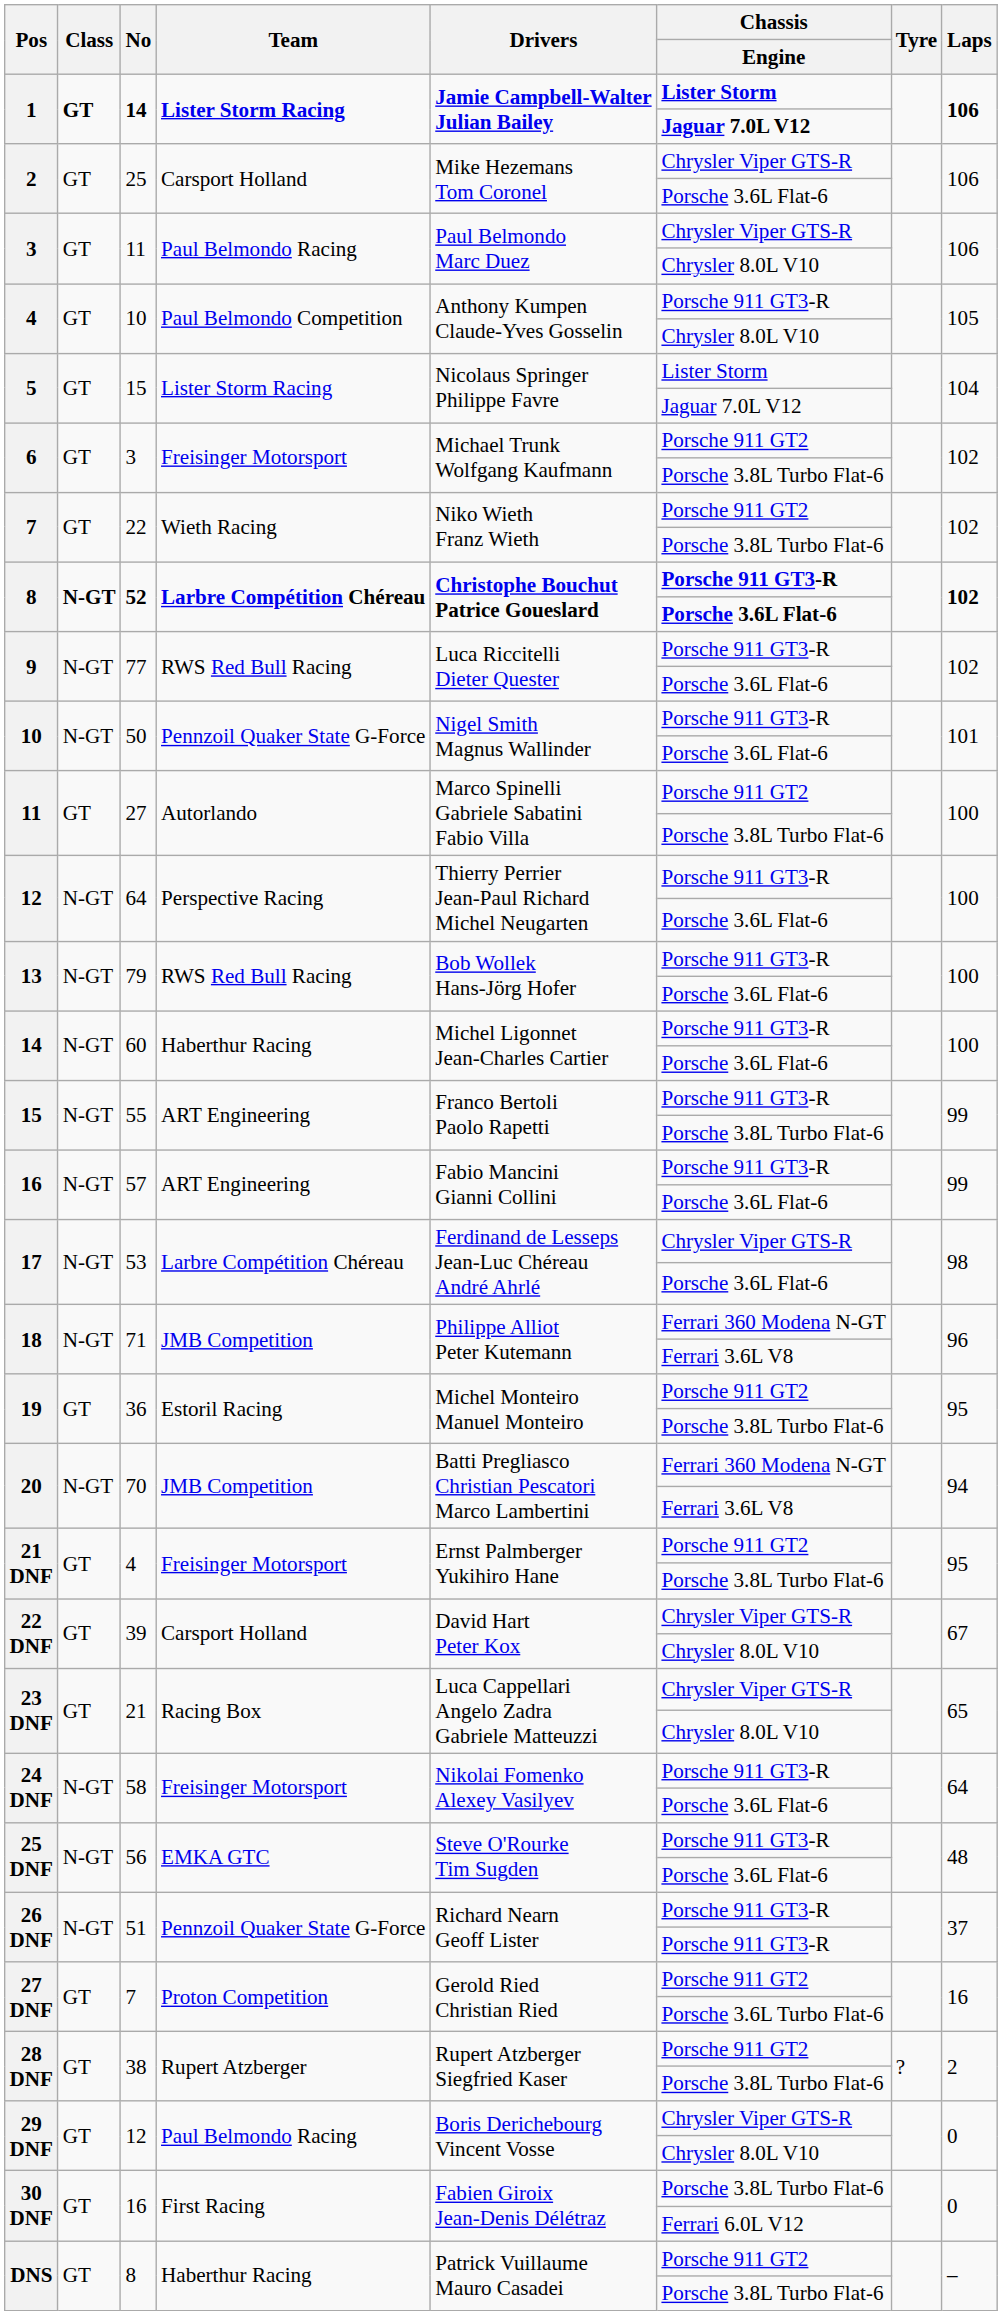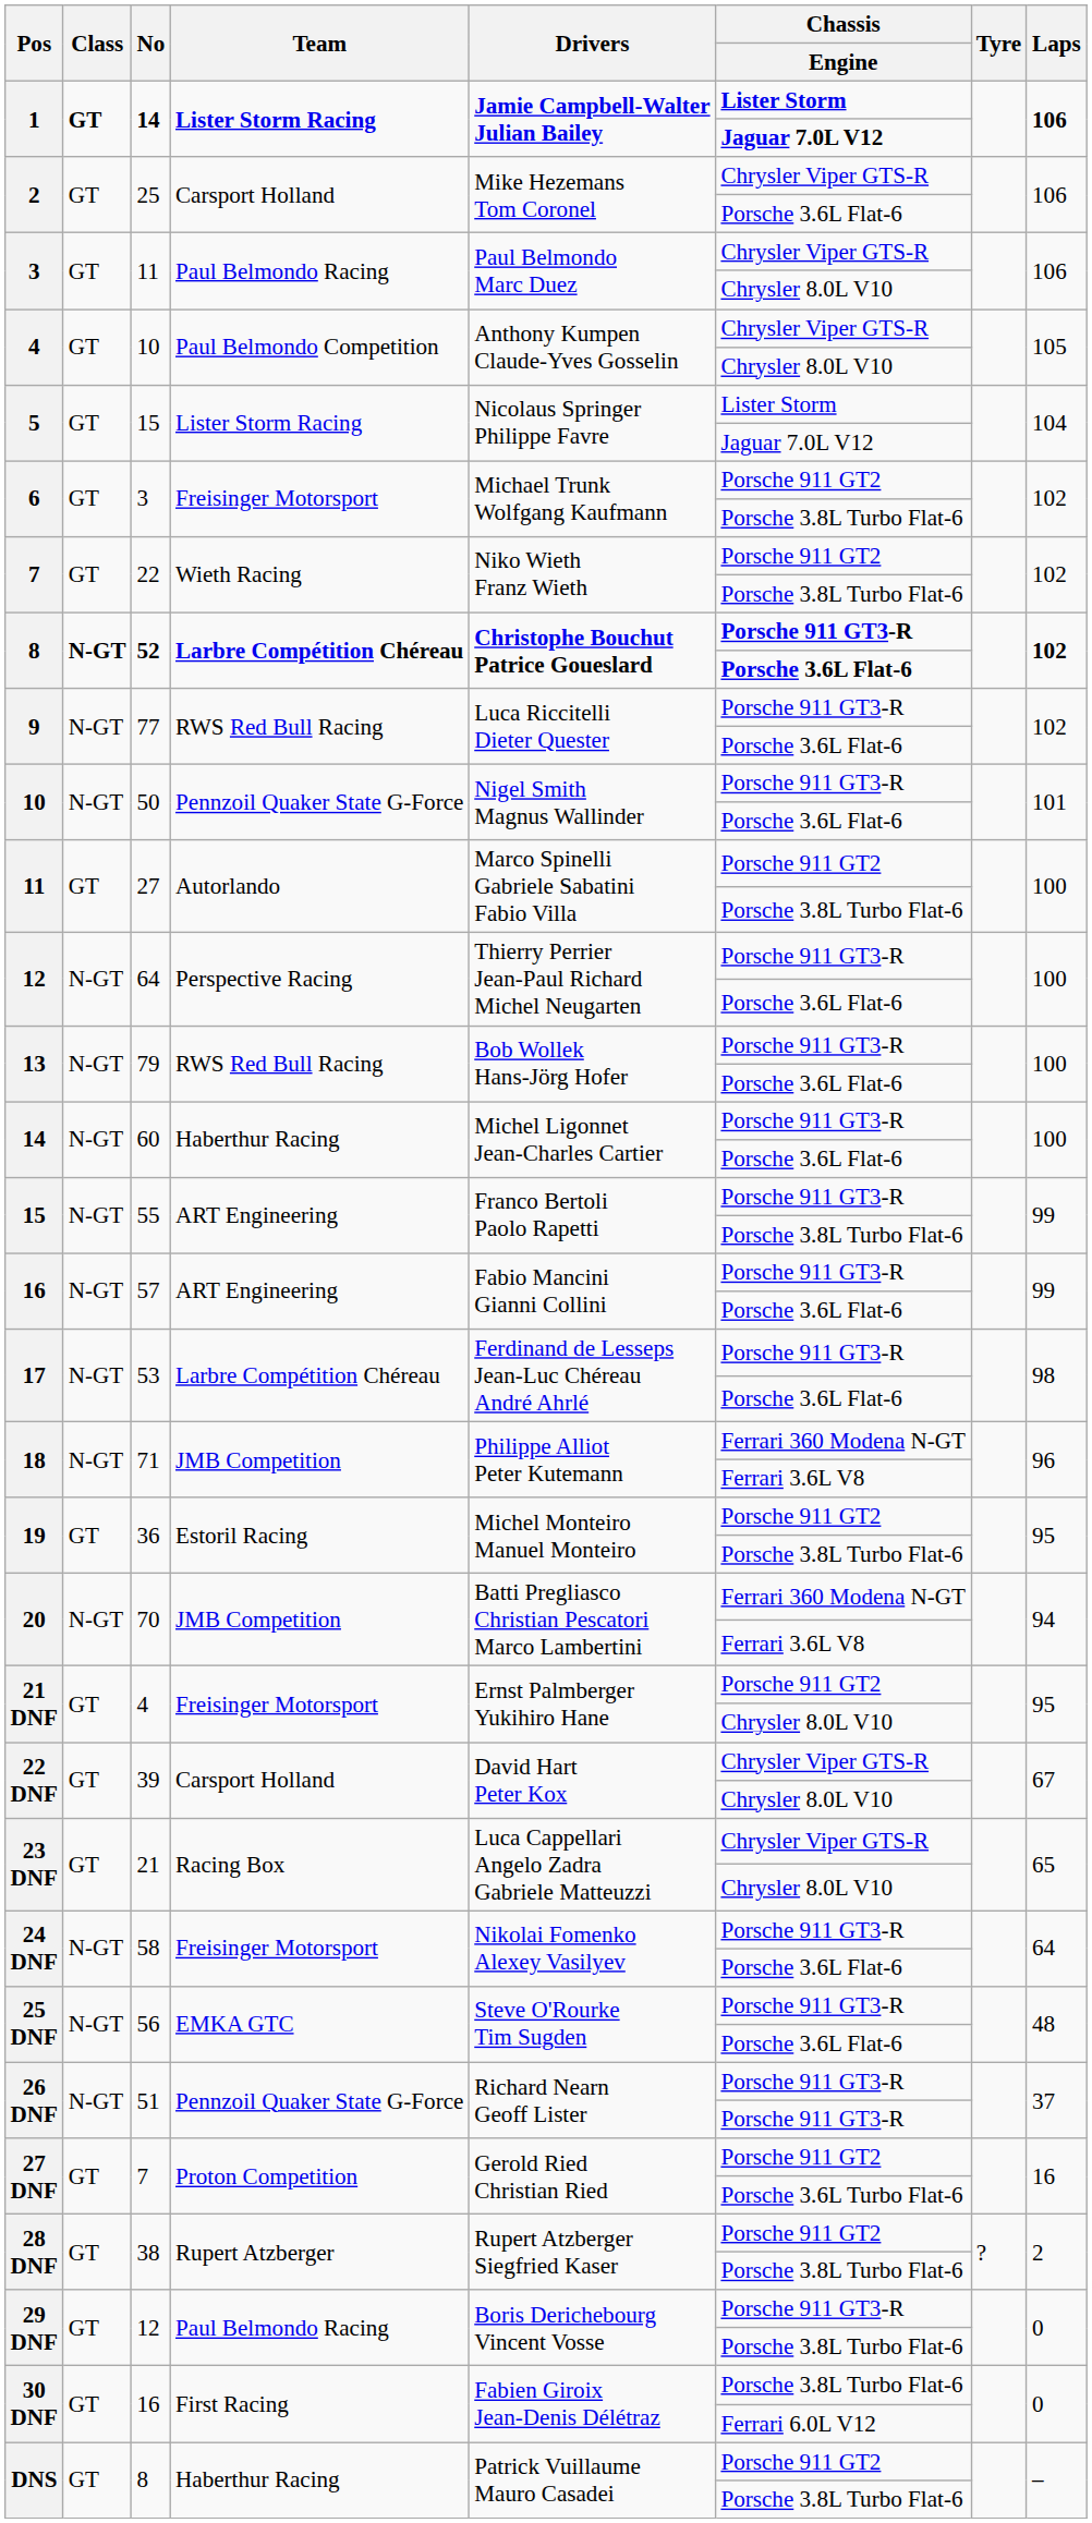 <table class="wikitable" style="font-size: 95%;">
 <tr>
 <th rowspan=2>Pos</th>
 <th rowspan=2>Class</th>
 <th rowspan=2>No</th>
 <th rowspan=2>Team</th>
 <th rowspan=2>Drivers</th>
 <th>Chassis</th>
 <th rowspan=2>Tyre</th>
 <th rowspan=2>Laps</th>
 </tr>
 <tr>
 <th>Engine</th>
 </tr>
 <tr style="font-weight:bold">
 <th rowspan=2>1</th>
 <td rowspan=2>GT</td>
 <td rowspan=2>14</td>
 <td rowspan=2> <a href='#'>Lister Storm Racing</a></td>
 <td rowspan=2> <a href='#'>Jamie Campbell-Walter</a><br> <a href='#'>Julian Bailey</a></td>
 <td><a href='#'>Lister Storm</a></td>
 <td rowspan=2></td>
 <td rowspan=2>106</td>
 </tr>
 <tr style="font-weight:bold">
 <td><a href='#'>Jaguar</a> 7.0L V12</td>
 </tr>
 <tr>
 <th rowspan=2>2</th>
 <td rowspan=2>GT</td>
 <td rowspan=2>25</td>
 <td rowspan=2> Carsport Holland</td>
 <td rowspan=2> Mike Hezemans<br> <a href='#'>Tom Coronel</a></td>
 <td><a href='#'>Chrysler Viper GTS-R</a></td>
 <td rowspan=2></td>
 <td rowspan=2>106</td>
 </tr>
 <tr>
 <td><a href='#'>Porsche</a> 3.6L Flat-6</td>
 </tr>
 <tr>
 <th rowspan=2>3</th>
 <td rowspan=2>GT</td>
 <td rowspan=2>11</td>
 <td rowspan=2> <a href='#'>Paul Belmondo</a> Racing</td>
 <td rowspan=2> <a href='#'>Paul Belmondo</a><br> <a href='#'>Marc Duez</a></td>
 <td><a href='#'>Chrysler Viper GTS-R</a></td>
 <td rowspan=2></td>
 <td rowspan=2>106</td>
 </tr>
 <tr>
 <td><a href='#'>Chrysler</a> 8.0L V10</td>
 </tr>
 <tr>
 <th rowspan=2>4</th>
 <td rowspan=2>GT</td>
 <td rowspan=2>10</td>
 <td rowspan=2> <a href='#'>Paul Belmondo</a> Competition</td>
 <td rowspan=2> Anthony Kumpen<br> Claude-Yves Gosselin</td>
-<td><a href='#'>Porsche 911 GT3</a>-R</td>
+<td><a href='#'>Chrysler Viper GTS-R</a></td>
 <td rowspan=2></td>
 <td rowspan=2>105</td>
 </tr>
 <tr>
 <td><a href='#'>Chrysler</a> 8.0L V10</td>
 </tr>
 <tr>
 <th rowspan=2>5</th>
 <td rowspan=2>GT</td>
 <td rowspan=2>15</td>
 <td rowspan=2> <a href='#'>Lister Storm Racing</a></td>
 <td rowspan=2> Nicolaus Springer<br> Philippe Favre</td>
 <td><a href='#'>Lister Storm</a></td>
 <td rowspan=2></td>
 <td rowspan=2>104</td>
 </tr>
 <tr>
 <td><a href='#'>Jaguar</a> 7.0L V12</td>
 </tr>
 <tr>
 <th rowspan=2>6</th>
 <td rowspan=2>GT</td>
 <td rowspan=2>3</td>
 <td rowspan=2> <a href='#'>Freisinger Motorsport</a></td>
 <td rowspan=2> Michael Trunk<br> Wolfgang Kaufmann</td>
 <td><a href='#'>Porsche 911 GT2</a></td>
 <td rowspan=2></td>
 <td rowspan=2>102</td>
 </tr>
 <tr>
 <td><a href='#'>Porsche</a> 3.8L Turbo Flat-6</td>
 </tr>
 <tr>
 <th rowspan=2>7</th>
 <td rowspan=2>GT</td>
 <td rowspan=2>22</td>
 <td rowspan=2> Wieth Racing</td>
 <td rowspan=2> Niko Wieth<br> Franz Wieth</td>
 <td><a href='#'>Porsche 911 GT2</a></td>
 <td rowspan=2></td>
 <td rowspan=2>102</td>
 </tr>
 <tr>
 <td><a href='#'>Porsche</a> 3.8L Turbo Flat-6</td>
 </tr>
 <tr style="font-weight:bold">
 <th rowspan=2>8</th>
 <td rowspan=2>N-GT</td>
 <td rowspan=2>52</td>
 <td rowspan=2> <a href='#'>Larbre Compétition</a> Chéreau</td>
 <td rowspan=2> <a href='#'>Christophe Bouchut</a><br> Patrice Goueslard</td>
 <td><a href='#'>Porsche 911 GT3</a>-R</td>
 <td rowspan=2></td>
 <td rowspan=2>102</td>
 </tr>
 <tr style="font-weight:bold">
 <td><a href='#'>Porsche</a> 3.6L Flat-6</td>
 </tr>
 <tr>
 <th rowspan=2>9</th>
 <td rowspan=2>N-GT</td>
 <td rowspan=2>77</td>
 <td rowspan=2> RWS <a href='#'>Red Bull</a> Racing</td>
 <td rowspan=2> Luca Riccitelli<br> <a href='#'>Dieter Quester</a></td>
 <td><a href='#'>Porsche 911 GT3</a>-R</td>
 <td rowspan=2></td>
 <td rowspan=2>102</td>
 </tr>
 <tr>
 <td><a href='#'>Porsche</a> 3.6L Flat-6</td>
 </tr>
 <tr>
 <th rowspan=2>10</th>
 <td rowspan=2>N-GT</td>
 <td rowspan=2>50</td>
 <td rowspan=2> <a href='#'>Pennzoil Quaker State</a> G-Force</td>
 <td rowspan=2> <a href='#'>Nigel Smith</a><br> Magnus Wallinder</td>
 <td><a href='#'>Porsche 911 GT3</a>-R</td>
 <td rowspan=2></td>
 <td rowspan=2>101</td>
 </tr>
 <tr>
 <td><a href='#'>Porsche</a> 3.6L Flat-6</td>
 </tr>
 <tr>
 <th rowspan=2>11</th>
 <td rowspan=2>GT</td>
 <td rowspan=2>27</td>
 <td rowspan=2> Autorlando</td>
 <td rowspan=2> Marco Spinelli<br> Gabriele Sabatini<br> Fabio Villa</td>
 <td><a href='#'>Porsche 911 GT2</a></td>
 <td rowspan=2></td>
 <td rowspan=2>100</td>
 </tr>
 <tr>
 <td><a href='#'>Porsche</a> 3.8L Turbo Flat-6</td>
 </tr>
 <tr>
 <th rowspan=2>12</th>
 <td rowspan=2>N-GT</td>
 <td rowspan=2>64</td>
 <td rowspan=2> Perspective Racing</td>
 <td rowspan=2> Thierry Perrier<br> Jean-Paul Richard<br> Michel Neugarten</td>
 <td><a href='#'>Porsche 911 GT3</a>-R</td>
 <td rowspan=2></td>
 <td rowspan=2>100</td>
 </tr>
 <tr>
 <td><a href='#'>Porsche</a> 3.6L Flat-6</td>
 </tr>
 <tr>
 <th rowspan=2>13</th>
 <td rowspan=2>N-GT</td>
 <td rowspan=2>79</td>
 <td rowspan=2> RWS <a href='#'>Red Bull</a> Racing</td>
 <td rowspan=2> <a href='#'>Bob Wollek</a><br> Hans-Jörg Hofer</td>
 <td><a href='#'>Porsche 911 GT3</a>-R</td>
 <td rowspan=2></td>
 <td rowspan=2>100</td>
 </tr>
 <tr>
 <td><a href='#'>Porsche</a> 3.6L Flat-6</td>
 </tr>
 <tr>
 <th rowspan=2>14</th>
 <td rowspan=2>N-GT</td>
 <td rowspan=2>60</td>
 <td rowspan=2> Haberthur Racing</td>
 <td rowspan=2> Michel Ligonnet<br> Jean-Charles Cartier</td>
 <td><a href='#'>Porsche 911 GT3</a>-R</td>
 <td rowspan=2></td>
 <td rowspan=2>100</td>
 </tr>
 <tr>
 <td><a href='#'>Porsche</a> 3.6L Flat-6</td>
 </tr>
 <tr>
 <th rowspan=2>15</th>
 <td rowspan=2>N-GT</td>
 <td rowspan=2>55</td>
 <td rowspan=2> ART Engineering</td>
 <td rowspan=2> Franco Bertoli<br> Paolo Rapetti</td>
 <td><a href='#'>Porsche 911 GT3</a>-R</td>
 <td rowspan=2></td>
 <td rowspan=2>99</td>
 </tr>
 <tr>
 <td><a href='#'>Porsche</a> 3.8L Turbo Flat-6</td>
 </tr>
 <tr>
 <th rowspan=2>16</th>
 <td rowspan=2>N-GT</td>
 <td rowspan=2>57</td>
 <td rowspan=2> ART Engineering</td>
 <td rowspan=2> Fabio Mancini<br> Gianni Collini</td>
 <td><a href='#'>Porsche 911 GT3</a>-R</td>
 <td rowspan=2></td>
 <td rowspan=2>99</td>
 </tr>
 <tr>
 <td><a href='#'>Porsche</a> 3.6L Flat-6</td>
 </tr>
 <tr>
 <th rowspan=2>17</th>
 <td rowspan=2>N-GT</td>
 <td rowspan=2>53</td>
 <td rowspan=2> <a href='#'>Larbre Compétition</a> Chéreau</td>
 <td rowspan=2> <a href='#'>Ferdinand de Lesseps</a><br> Jean-Luc Chéreau<br> <a href='#'>André Ahrlé</a></td>
-<td><a href='#'>Chrysler Viper GTS-R</a></td>
+<td><a href='#'>Porsche 911 GT3</a>-R</td>
 <td rowspan=2></td>
 <td rowspan=2>98</td>
 </tr>
 <tr>
 <td><a href='#'>Porsche</a> 3.6L Flat-6</td>
 </tr>
 <tr>
 <th rowspan=2>18</th>
 <td rowspan=2>N-GT</td>
 <td rowspan=2>71</td>
 <td rowspan=2> <a href='#'>JMB Competition</a></td>
 <td rowspan=2> <a href='#'>Philippe Alliot</a><br> Peter Kutemann</td>
 <td><a href='#'>Ferrari 360 Modena</a> N-GT</td>
 <td rowspan=2></td>
 <td rowspan=2>96</td>
 </tr>
 <tr>
 <td><a href='#'>Ferrari</a> 3.6L V8</td>
 </tr>
 <tr>
 <th rowspan=2>19</th>
 <td rowspan=2>GT</td>
 <td rowspan=2>36</td>
 <td rowspan=2> Estoril Racing</td>
 <td rowspan=2> Michel Monteiro<br> Manuel Monteiro</td>
 <td><a href='#'>Porsche 911 GT2</a></td>
 <td rowspan=2></td>
 <td rowspan=2>95</td>
 </tr>
 <tr>
 <td><a href='#'>Porsche</a> 3.8L Turbo Flat-6</td>
 </tr>
 <tr>
 <th rowspan=2>20</th>
 <td rowspan=2>N-GT</td>
 <td rowspan=2>70</td>
 <td rowspan=2> <a href='#'>JMB Competition</a></td>
 <td rowspan=2> Batti Pregliasco<br> <a href='#'>Christian Pescatori</a><br> Marco Lambertini</td>
 <td><a href='#'>Ferrari 360 Modena</a> N-GT</td>
 <td rowspan=2></td>
 <td rowspan=2>94</td>
 </tr>
 <tr>
 <td><a href='#'>Ferrari</a> 3.6L V8</td>
 </tr>
 <tr>
 <th rowspan=2>21<br>DNF</th>
 <td rowspan=2>GT</td>
 <td rowspan=2>4</td>
 <td rowspan=2> <a href='#'>Freisinger Motorsport</a></td>
 <td rowspan=2> Ernst Palmberger<br> Yukihiro Hane</td>
 <td><a href='#'>Porsche 911 GT2</a></td>
 <td rowspan=2></td>
 <td rowspan=2>95</td>
 </tr>
 <tr>
-<td><a href='#'>Porsche</a> 3.8L Turbo Flat-6</td>
+<td><a href='#'>Chrysler</a> 8.0L V10</td>
 </tr>
 <tr>
 <th rowspan=2>22<br>DNF</th>
 <td rowspan=2>GT</td>
 <td rowspan=2>39</td>
 <td rowspan=2> Carsport Holland</td>
 <td rowspan=2> David Hart<br> <a href='#'>Peter Kox</a></td>
 <td><a href='#'>Chrysler Viper GTS-R</a></td>
 <td rowspan=2></td>
 <td rowspan=2>67</td>
 </tr>
 <tr>
 <td><a href='#'>Chrysler</a> 8.0L V10</td>
 </tr>
 <tr>
 <th rowspan=2>23<br>DNF</th>
 <td rowspan=2>GT</td>
 <td rowspan=2>21</td>
 <td rowspan=2> Racing Box</td>
 <td rowspan=2> Luca Cappellari<br> Angelo Zadra<br> Gabriele Matteuzzi</td>
 <td><a href='#'>Chrysler Viper GTS-R</a></td>
 <td rowspan=2></td>
 <td rowspan=2>65</td>
 </tr>
 <tr>
 <td><a href='#'>Chrysler</a> 8.0L V10</td>
 </tr>
 <tr>
 <th rowspan=2>24<br>DNF</th>
 <td rowspan=2>N-GT</td>
 <td rowspan=2>58</td>
 <td rowspan=2> <a href='#'>Freisinger Motorsport</a></td>
 <td rowspan=2> <a href='#'>Nikolai Fomenko</a><br> <a href='#'>Alexey Vasilyev</a></td>
 <td><a href='#'>Porsche 911 GT3</a>-R</td>
 <td rowspan=2></td>
 <td rowspan=2>64</td>
 </tr>
 <tr>
 <td><a href='#'>Porsche</a> 3.6L Flat-6</td>
 </tr>
 <tr>
 <th rowspan=2>25<br>DNF</th>
 <td rowspan=2>N-GT</td>
 <td rowspan=2>56</td>
 <td rowspan=2> <a href='#'>EMKA GTC</a></td>
 <td rowspan=2> <a href='#'>Steve O'Rourke</a><br> <a href='#'>Tim Sugden</a></td>
 <td><a href='#'>Porsche 911 GT3</a>-R</td>
 <td rowspan=2></td>
 <td rowspan=2>48</td>
 </tr>
 <tr>
 <td><a href='#'>Porsche</a> 3.6L Flat-6</td>
 </tr>
 <tr>
 <th rowspan=2>26<br>DNF</th>
 <td rowspan=2>N-GT</td>
 <td rowspan=2>51</td>
 <td rowspan=2> <a href='#'>Pennzoil Quaker State</a> G-Force</td>
 <td rowspan=2> Richard Nearn<br> Geoff Lister</td>
 <td><a href='#'>Porsche 911 GT3</a>-R</td>
 <td rowspan=2></td>
 <td rowspan=2>37</td>
 </tr>
 <tr>
 <td><a href='#'>Porsche 911 GT3</a>-R</td>
 </tr>
 <tr>
 <th rowspan=2>27<br>DNF</th>
 <td rowspan=2>GT</td>
 <td rowspan=2>7</td>
 <td rowspan=2> <a href='#'>Proton Competition</a></td>
 <td rowspan=2> Gerold Ried<br> Christian Ried</td>
 <td><a href='#'>Porsche 911 GT2</a></td>
 <td rowspan=2></td>
 <td rowspan=2>16</td>
 </tr>
 <tr>
 <td><a href='#'>Porsche</a> 3.6L Turbo Flat-6</td>
 </tr>
 <tr>
 <th rowspan=2>28<br>DNF</th>
 <td rowspan=2>GT</td>
 <td rowspan=2>38</td>
 <td rowspan=2> Rupert Atzberger</td>
 <td rowspan=2> Rupert Atzberger<br> Siegfried Kaser</td>
 <td><a href='#'>Porsche 911 GT2</a></td>
 <td rowspan=2>?</td>
 <td rowspan=2>2</td>
 </tr>
 <tr>
 <td><a href='#'>Porsche</a> 3.8L Turbo Flat-6</td>
 </tr>
 <tr>
 <th rowspan=2>29<br>DNF</th>
 <td rowspan=2>GT</td>
 <td rowspan=2>12</td>
 <td rowspan=2> <a href='#'>Paul Belmondo</a> Racing</td>
 <td rowspan=2> <a href='#'>Boris Derichebourg</a><br> Vincent Vosse</td>
-<td><a href='#'>Chrysler Viper GTS-R</a></td>
+<td><a href='#'>Porsche 911 GT3</a>-R</td>
 <td rowspan=2></td>
 <td rowspan=2>0</td>
 </tr>
 <tr>
-<td><a href='#'>Chrysler</a> 8.0L V10</td>
+<td><a href='#'>Porsche</a> 3.8L Turbo Flat-6</td>
 </tr>
 <tr>
 <th rowspan=2>30<br>DNF</th>
 <td rowspan=2>GT</td>
 <td rowspan=2>16</td>
 <td rowspan=2> First Racing</td>
 <td rowspan=2> <a href='#'>Fabien Giroix</a><br> <a href='#'>Jean-Denis Délétraz</a></td>
 <td><a href='#'>Porsche</a> 3.8L Turbo Flat-6</td>
 <td rowspan=2></td>
 <td rowspan=2>0</td>
 </tr>
 <tr>
 <td><a href='#'>Ferrari</a> 6.0L V12</td>
 </tr>
 <tr>
 <th rowspan=2>DNS</th>
 <td rowspan=2>GT</td>
 <td rowspan=2>8</td>
 <td rowspan=2> Haberthur Racing</td>
 <td rowspan=2> Patrick Vuillaume<br> Mauro Casadei</td>
 <td><a href='#'>Porsche 911 GT2</a></td>
 <td rowspan=2></td>
 <td rowspan=2>–</td>
 </tr>
 <tr>
 <td><a href='#'>Porsche</a> 3.8L Turbo Flat-6</td>
 </tr>
 </table>
